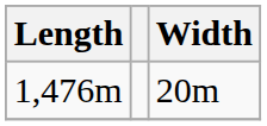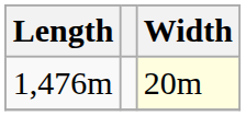 <table class="wikitable">
 <tr>
 <th>Length</th>
 <th></th>
 <th>Width</th>
 </tr>
 <tr>
 <td>1,476m</td>
 <td></td>
-<td>20m</td>
+<td style="background: lightyellow;">20m</td>
 </tr>
 <tr>
 </tr>
 </table>
